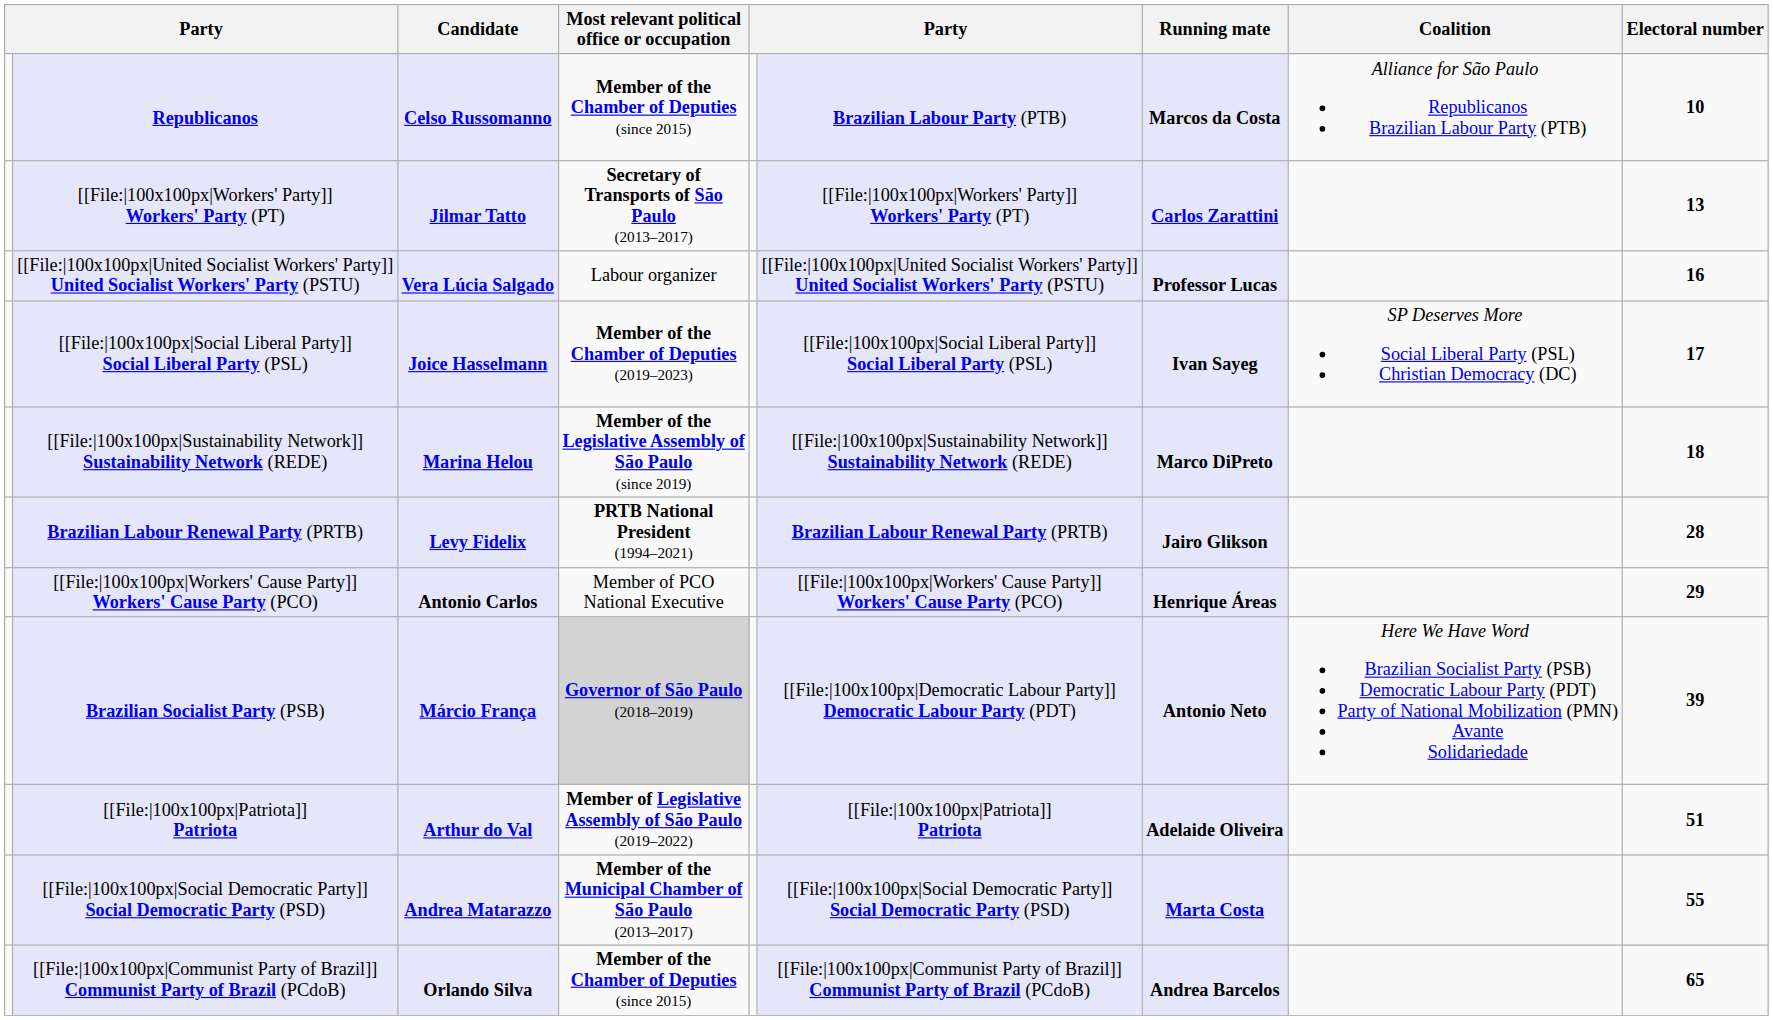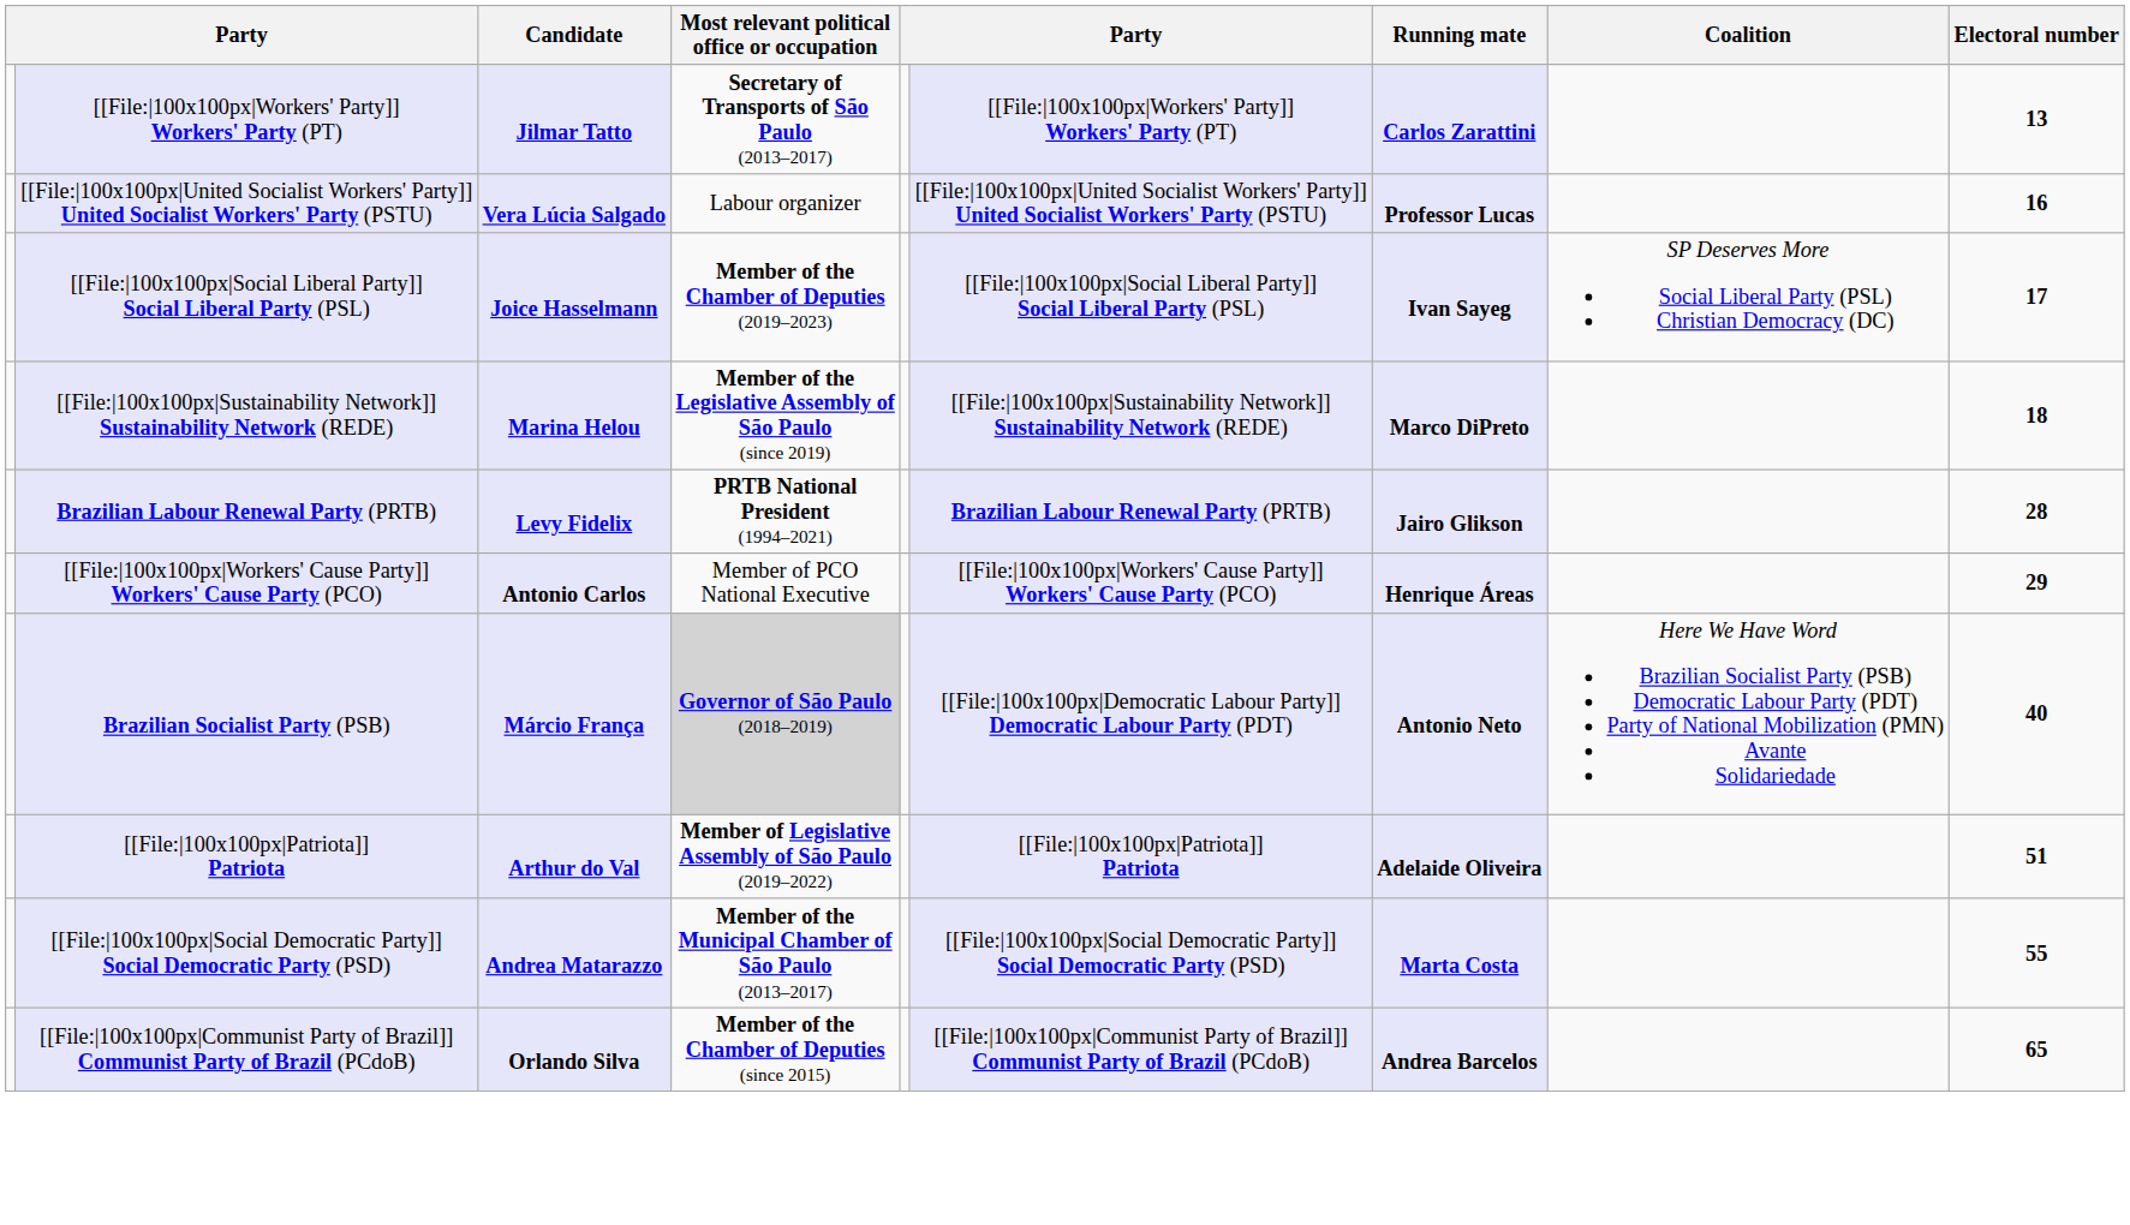 <table class="wikitable" style="text-align:center">
 <tr>
 <th colspan="2">Party</th>
 <th>Candidate</th>
 <th style="max-width:10em">Most relevant political office or occupation</th>
 <th colspan="2">Party</th>
 <th>Running mate</th>
 <th>Coalition</th>
 <th>Electoral number</th>
-</tr>
-<tr>
-<td style="background:"></td>
-<td style="background:lavender;" max-width:150px><br><strong><a href='#'>Republicanos</a></strong></td>
-<td style="background:lavender;" max-width:150px><br><strong><a href='#'>Celso Russomanno</a></strong></td>
-<td style="max-width:10em"><strong>Member of the <a href='#'>Chamber of Deputies</a></strong><br><small>(since 2015)</small></td>
-<td style="background:"></td>
-<td style="background:lavender;" max-width:150px><br><strong><a href='#'>Brazilian Labour Party</a></strong> (PTB)</td>
-<td style="background:lavender;" max-width:150px><br><strong>Marcos da Costa</strong></td>
-<td><em>Alliance for São Paulo</em><br><ul><li><a href='#'>Republicanos</a></li><li><a href='#'>Brazilian Labour Party</a> (PTB)</li></ul></td>
-<td><strong>10</strong></td>
 </tr>
 <tr>
 <td style="background:"></td>
 <td style="background:lavender;" max-width:150px>[[File:|100x100px|Workers' Party]]<br><strong><a href='#'>Workers' Party</a></strong> (PT)</td>
 <td style="background:lavender;" max-width:150px><br><strong><a href='#'>Jilmar Tatto</a></strong></td>
 <td style="max-width:10em"><strong>Secretary of Transports of <a href='#'>São Paulo</a></strong><br><small>(2013–2017)</small></td>
 <td style="background:"></td>
 <td style="background:lavender;" max-width:150px>[[File:|100x100px|Workers' Party]]<br><strong><a href='#'>Workers' Party</a></strong> (PT)</td>
 <td style="background:lavender;" max-width:150px><br><strong><a href='#'>Carlos Zarattini</a></strong></td>
 <td></td>
 <td><strong>13</strong></td>
 </tr>
 <tr>
 <td style="background:"></td>
 <td style="background:lavender;" max-width:150px>[[File:|100x100px|United Socialist Workers' Party]]<br><strong><a href='#'>United Socialist Workers' Party</a></strong> (PSTU)</td>
 <td style="background:lavender;" max-width:150px><br><strong><a href='#'>Vera Lúcia Salgado</a></strong></td>
 <td style="max-width:10em">Labour organizer</td>
 <td style="background:"></td>
 <td style="background:lavender;" max-width:150px>[[File:|100x100px|United Socialist Workers' Party]]<br><strong><a href='#'>United Socialist Workers' Party</a></strong> (PSTU)</td>
 <td style="background:lavender;" max-width:150px><br><strong>Professor Lucas</strong></td>
 <td></td>
 <td><strong>16</strong></td>
 </tr>
 <tr>
 <td style="background:"></td>
 <td style="background:lavender;" max-width:150px>[[File:|100x100px|Social Liberal Party]]<br><strong><a href='#'>Social Liberal Party</a></strong> (PSL)</td>
 <td style="background:lavender;" max-width:150px><br><strong><a href='#'>Joice Hasselmann</a></strong></td>
 <td style="max-width:10em"><strong>Member of the <a href='#'>Chamber of Deputies</a></strong><br><small>(2019–2023)</small></td>
 <td style="background:"></td>
 <td style="background:lavender;" max-width:150px>[[File:|100x100px|Social Liberal Party]]<br><strong><a href='#'>Social Liberal Party</a></strong> (PSL)</td>
 <td style="background:lavender;" max-width:150px><br><strong>Ivan Sayeg</strong></td>
 <td><em>SP Deserves More</em><br><ul><li><a href='#'>Social Liberal Party</a> (PSL)</li><li><a href='#'>Christian Democracy</a> (DC)</li></ul></td>
 <td><strong>17</strong></td>
 </tr>
 <tr>
 <td style="background:"></td>
 <td style="background:lavender;" max-width:150px>[[File:|100x100px|Sustainability Network]]<br><strong><a href='#'>Sustainability Network</a></strong> (REDE)</td>
 <td style="background:lavender;" max-width:150px><br><strong><a href='#'>Marina Helou</a></strong></td>
 <td style="max-width:10em"><strong>Member of the <a href='#'>Legislative Assembly of São Paulo</a></strong><br><small>(since 2019)</small></td>
 <td style="background:"></td>
 <td style="background:lavender;" max-width:150px>[[File:|100x100px|Sustainability Network]]<br><strong><a href='#'>Sustainability Network</a></strong> (REDE)</td>
 <td style="background:lavender;" max-width:150px><br><strong>Marco DiPreto</strong></td>
 <td></td>
 <td><strong>18</strong></td>
 </tr>
 <tr>
 <td style="background:"></td>
 <td style="background:lavender;" max-width:150px><strong><a href='#'>Brazilian Labour Renewal Party</a></strong> (PRTB)</td>
 <td style="background:lavender;" max-width:150px><br><strong><a href='#'>Levy Fidelix</a></strong></td>
 <td style="max-width:10em"><strong>PRTB National President</strong><br><small>(1994–2021)</small></td>
 <td style="background:"></td>
 <td style="background:lavender;" max-width:150px><strong><a href='#'>Brazilian Labour Renewal Party</a></strong> (PRTB)</td>
 <td style="background:lavender;" max-width:150px><br><strong>Jairo Glikson</strong></td>
 <td></td>
 <td><strong>28</strong></td>
 </tr>
 <tr>
 <td style="background:"></td>
 <td style="background:lavender;" max-width:150px>[[File:|100x100px|Workers' Cause Party]]<br><strong><a href='#'>Workers' Cause Party</a></strong> (PCO)</td>
 <td style="background:lavender;" max-width:150px><br><strong>Antonio Carlos</strong></td>
 <td style="max-width:10em">Member of PCO National Executive</td>
 <td style="background:"></td>
 <td style="background:lavender;" max-width:150px>[[File:|100x100px|Workers' Cause Party]]<br><strong><a href='#'>Workers' Cause Party</a></strong> (PCO)</td>
 <td style="background:lavender;" max-width:150px><br><strong>Henrique Áreas</strong></td>
 <td></td>
 <td><strong>29</strong></td>
 </tr>
 <tr>
 <td style="background:"></td>
 <td style="background:lavender;" max-width:150px><br><strong><a href='#'>Brazilian Socialist Party</a></strong> (PSB)</td>
 <td style="background:lavender;" max-width:150px><br><strong><a href='#'>Márcio França</a></strong></td>
 <td style="background: lightgrey; max-width:10em"><strong><a href='#'>Governor of São Paulo</a></strong><br><small>(2018–2019)</small></td>
 <td style="background:"></td>
 <td style="background:lavender;" max-width:150px>[[File:|100x100px|Democratic Labour Party]]<br><strong><a href='#'>Democratic Labour Party</a></strong> (PDT)</td>
 <td style="background:lavender;" max-width:150px><br><strong>Antonio Neto</strong></td>
 <td><em>Here We Have Word</em><br><ul><li><a href='#'>Brazilian Socialist Party</a> (PSB)</li><li><a href='#'>Democratic Labour Party</a> (PDT)</li><li><a href='#'>Party of National Mobilization</a> (PMN)</li><li><a href='#'>Avante</a></li><li><a href='#'>Solidariedade</a></li></ul></td>
-<td><strong>39</strong></td>
+<td><strong>40</strong></td>
 </tr>
 <tr>
 <td style="background:"></td>
 <td style="background:lavender;" max-width:150px>[[File:|100x100px|Patriota]]<br><strong><a href='#'>Patriota</a></strong></td>
 <td style="background:lavender;" max-width:150px><br><strong><a href='#'>Arthur do Val</a></strong></td>
 <td style="max-width:10em"><strong>Member of <a href='#'>Legislative Assembly of São Paulo</a></strong><br><small>(2019–2022)</small></td>
 <td style="background:"></td>
 <td style="background:lavender;" max-width:150px>[[File:|100x100px|Patriota]]<br><strong><a href='#'>Patriota</a></strong></td>
 <td style="background:lavender;" max-width:150px><br><strong>Adelaide Oliveira</strong></td>
 <td></td>
 <td><strong>51</strong></td>
 </tr>
 <tr>
 <td style="background:"></td>
 <td style="background:lavender;" max-width:150px>[[File:|100x100px|Social Democratic Party]]<br><strong><a href='#'>Social Democratic Party</a></strong> (PSD)</td>
 <td style="background:lavender;" max-width:150px><br><strong><a href='#'>Andrea Matarazzo</a></strong></td>
 <td style="max-width:10em"><strong>Member of the <a href='#'>Municipal Chamber of São Paulo</a></strong><br><small>(2013–2017)</small></td>
 <td style="background:"></td>
 <td style="background:lavender;" max-width:150px>[[File:|100x100px|Social Democratic Party]]<br><strong><a href='#'>Social Democratic Party</a></strong> (PSD)</td>
 <td style="background:lavender;" max-width:150px><br><strong><a href='#'>Marta Costa</a></strong></td>
 <td></td>
 <td><strong>55</strong></td>
 </tr>
 <tr>
 <td style="background:"></td>
 <td style="background:lavender;" max-width:150px>[[File:|100x100px|Communist Party of Brazil]]<br><strong><a href='#'>Communist Party of Brazil</a></strong> (PCdoB)</td>
 <td style="background:lavender;" max-width:150px><br><strong>Orlando Silva</strong></td>
 <td style="max-width:10em"><strong>Member of the <a href='#'>Chamber of Deputies</a></strong><br><small>(since 2015)</small></td>
 <td style="background:"></td>
 <td style="background:lavender;" max-width:150px>[[File:|100x100px|Communist Party of Brazil]]<br><strong><a href='#'>Communist Party of Brazil</a></strong> (PCdoB)</td>
 <td style="background:lavender;" max-width:150px><br><strong>Andrea Barcelos</strong></td>
 <td></td>
 <td><strong>65</strong></td>
 </tr>
 </table>
